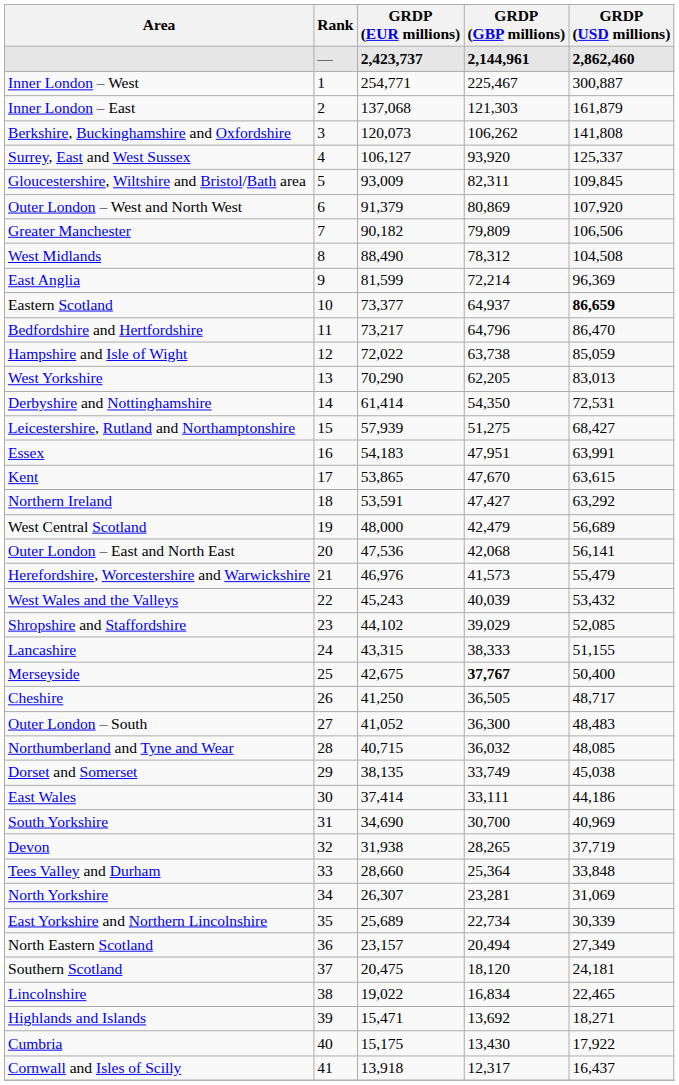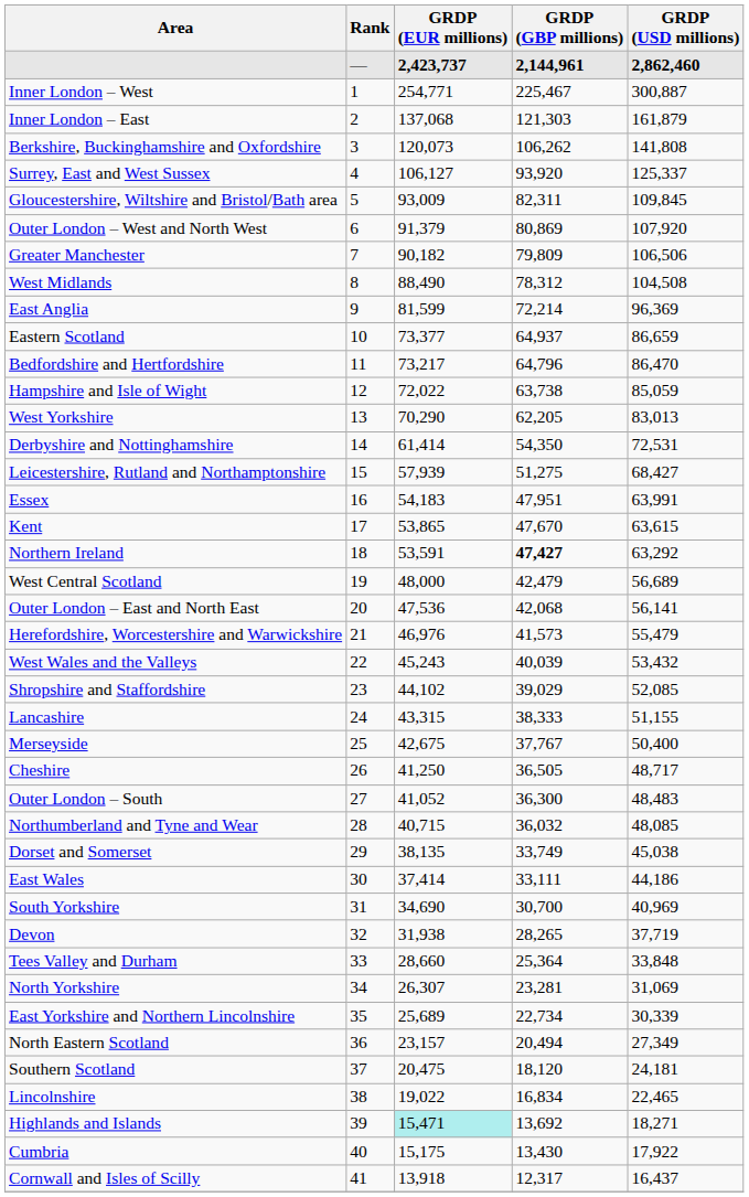 <table class="wikitable sortable col3right col4right col5right">
 <tr align=center valign=middle>
 <th>Area</th>
 <th data-sort-type="number">Rank</th>
 <th data-sort-type="number">GRDP<br>(<a href='#'>EUR</a> millions)</th>
 <th data-sort-type="number">GRDP<br>(<a href='#'>GBP</a> millions)</th>
 <th data-sort-type="number">GRDP<br>(<a href='#'>USD</a> millions)</th>
 </tr>
 <tr style="background:#e6e6e6">
 <td align=left><strong></strong></td>
 <td>—</td>
 <td><strong>2,423,737</strong></td>
 <td><strong>2,144,961</strong></td>
 <td><strong>2,862,460</strong></td>
 </tr>
 <tr>
 <td align=left><a href='#'>Inner London</a> – West</td>
 <td>1</td>
 <td>254,771</td>
 <td>225,467</td>
 <td>300,887</td>
 </tr>
 <tr>
 <td align=left><a href='#'>Inner London</a> – East</td>
 <td>2</td>
 <td>137,068</td>
 <td>121,303</td>
 <td>161,879</td>
 </tr>
 <tr>
 <td align=left><a href='#'>Berkshire</a>, <a href='#'>Buckinghamshire</a> and <a href='#'>Oxfordshire</a></td>
 <td>3</td>
 <td>120,073</td>
 <td>106,262</td>
 <td>141,808</td>
 </tr>
 <tr>
 <td align=left><a href='#'>Surrey</a>, <a href='#'>East</a> and <a href='#'>West Sussex</a></td>
 <td>4</td>
 <td>106,127</td>
 <td>93,920</td>
 <td>125,337</td>
 </tr>
 <tr>
 <td align=left><a href='#'>Gloucestershire</a>, <a href='#'>Wiltshire</a> and <a href='#'>Bristol</a>/<a href='#'>Bath</a> area</td>
 <td>5</td>
 <td>93,009</td>
 <td>82,311</td>
 <td>109,845</td>
 </tr>
 <tr>
 <td align=left><a href='#'>Outer London</a> – West and North West</td>
 <td>6</td>
 <td>91,379</td>
 <td>80,869</td>
 <td>107,920</td>
 </tr>
 <tr>
 <td align=left><a href='#'>Greater Manchester</a></td>
 <td>7</td>
 <td>90,182</td>
 <td>79,809</td>
 <td>106,506</td>
 </tr>
 <tr>
 <td align=left><a href='#'>West Midlands</a></td>
 <td>8</td>
 <td>88,490</td>
 <td>78,312</td>
 <td>104,508</td>
 </tr>
 <tr>
 <td align=left><a href='#'>East Anglia</a></td>
 <td>9</td>
 <td>81,599</td>
 <td>72,214</td>
 <td>96,369</td>
 </tr>
 <tr>
 <td align=left>Eastern <a href='#'>Scotland</a></td>
 <td>10</td>
 <td>73,377</td>
 <td>64,937</td>
-<td><strong>86,659</strong></td>
+<td>86,659</td>
 </tr>
 <tr>
 <td align=left><a href='#'>Bedfordshire</a> and <a href='#'>Hertfordshire</a></td>
 <td>11</td>
 <td>73,217</td>
 <td>64,796</td>
 <td>86,470</td>
 </tr>
 <tr>
 <td align=left><a href='#'>Hampshire</a> and <a href='#'>Isle of Wight</a></td>
 <td>12</td>
 <td>72,022</td>
 <td>63,738</td>
 <td>85,059</td>
 </tr>
 <tr>
 <td align=left><a href='#'>West Yorkshire</a></td>
 <td>13</td>
 <td>70,290</td>
 <td>62,205</td>
 <td>83,013</td>
 </tr>
 <tr>
 <td align=left><a href='#'>Derbyshire</a> and <a href='#'>Nottinghamshire</a></td>
 <td>14</td>
 <td>61,414</td>
 <td>54,350</td>
 <td>72,531</td>
 </tr>
 <tr>
 <td align=left><a href='#'>Leicestershire</a>, <a href='#'>Rutland</a> and <a href='#'>Northamptonshire</a></td>
 <td>15</td>
 <td>57,939</td>
 <td>51,275</td>
 <td>68,427</td>
 </tr>
 <tr>
 <td align=left><a href='#'>Essex</a></td>
 <td>16</td>
 <td>54,183</td>
 <td>47,951</td>
 <td>63,991</td>
 </tr>
 <tr>
 <td align=left><a href='#'>Kent</a></td>
 <td>17</td>
 <td>53,865</td>
 <td>47,670</td>
 <td>63,615</td>
 </tr>
 <tr>
 <td align=left><a href='#'>Northern Ireland</a></td>
 <td>18</td>
 <td>53,591</td>
-<td>47,427</td>
+<td><strong>47,427</strong></td>
 <td>63,292</td>
 </tr>
 <tr>
 <td align=left>West Central <a href='#'>Scotland</a></td>
 <td>19</td>
 <td>48,000</td>
 <td>42,479</td>
 <td>56,689</td>
 </tr>
 <tr>
 <td align=left><a href='#'>Outer London</a> – East and North East</td>
 <td>20</td>
 <td>47,536</td>
 <td>42,068</td>
 <td>56,141</td>
 </tr>
 <tr>
 <td align=left><a href='#'>Herefordshire</a>, <a href='#'>Worcestershire</a> and <a href='#'>Warwickshire</a></td>
 <td>21</td>
 <td>46,976</td>
 <td>41,573</td>
 <td>55,479</td>
 </tr>
 <tr>
 <td align=left><a href='#'>West Wales and the Valleys</a></td>
 <td>22</td>
 <td>45,243</td>
 <td>40,039</td>
 <td>53,432</td>
 </tr>
 <tr>
 <td align=left><a href='#'>Shropshire</a> and <a href='#'>Staffordshire</a></td>
 <td>23</td>
 <td>44,102</td>
 <td>39,029</td>
 <td>52,085</td>
 </tr>
 <tr>
 <td align=left><a href='#'>Lancashire</a></td>
 <td>24</td>
 <td>43,315</td>
 <td>38,333</td>
 <td>51,155</td>
 </tr>
 <tr>
 <td align=left><a href='#'>Merseyside</a></td>
 <td>25</td>
 <td>42,675</td>
-<td><strong>37,767</strong></td>
+<td>37,767</td>
 <td>50,400</td>
 </tr>
 <tr>
 <td align=left><a href='#'>Cheshire</a></td>
 <td>26</td>
 <td>41,250</td>
 <td>36,505</td>
 <td>48,717</td>
 </tr>
 <tr>
 <td align=left><a href='#'>Outer London</a> – South</td>
 <td>27</td>
 <td>41,052</td>
 <td>36,300</td>
 <td>48,483</td>
 </tr>
 <tr>
 <td align=left><a href='#'>Northumberland</a> and <a href='#'>Tyne and Wear</a></td>
 <td>28</td>
 <td>40,715</td>
 <td>36,032</td>
 <td>48,085</td>
 </tr>
 <tr>
 <td align=left><a href='#'>Dorset</a> and <a href='#'>Somerset</a></td>
 <td>29</td>
 <td>38,135</td>
 <td>33,749</td>
 <td>45,038</td>
 </tr>
 <tr>
 <td align=left><a href='#'>East Wales</a></td>
 <td>30</td>
 <td>37,414</td>
 <td>33,111</td>
 <td>44,186</td>
 </tr>
 <tr>
 <td align=left><a href='#'>South Yorkshire</a></td>
 <td>31</td>
 <td>34,690</td>
 <td>30,700</td>
 <td>40,969</td>
 </tr>
 <tr>
 <td align=left><a href='#'>Devon</a></td>
 <td>32</td>
 <td>31,938</td>
 <td>28,265</td>
 <td>37,719</td>
 </tr>
 <tr>
 <td align=left><a href='#'>Tees Valley</a> and <a href='#'>Durham</a></td>
 <td>33</td>
 <td>28,660</td>
 <td>25,364</td>
 <td>33,848</td>
 </tr>
 <tr>
 <td align=left><a href='#'>North Yorkshire</a></td>
 <td>34</td>
 <td>26,307</td>
 <td>23,281</td>
 <td>31,069</td>
 </tr>
 <tr>
 <td align=left><a href='#'>East Yorkshire</a> and <a href='#'>Northern Lincolnshire</a></td>
 <td>35</td>
 <td>25,689</td>
 <td>22,734</td>
 <td>30,339</td>
 </tr>
 <tr>
 <td align=left>North Eastern <a href='#'>Scotland</a></td>
 <td>36</td>
 <td>23,157</td>
 <td>20,494</td>
 <td>27,349</td>
 </tr>
 <tr>
 <td align=left>Southern <a href='#'>Scotland</a></td>
 <td>37</td>
 <td>20,475</td>
 <td>18,120</td>
 <td>24,181</td>
 </tr>
 <tr>
 <td align=left><a href='#'>Lincolnshire</a></td>
 <td>38</td>
 <td>19,022</td>
 <td>16,834</td>
 <td>22,465</td>
 </tr>
 <tr>
 <td align=left><a href='#'>Highlands and Islands</a></td>
 <td>39</td>
-<td>15,471</td>
+<td style="background: paleturquoise;">15,471</td>
 <td>13,692</td>
 <td>18,271</td>
 </tr>
 <tr>
 <td align=left><a href='#'>Cumbria</a></td>
 <td>40</td>
 <td>15,175</td>
 <td>13,430</td>
 <td>17,922</td>
 </tr>
 <tr>
 <td align=left><a href='#'>Cornwall</a> and <a href='#'>Isles of Scilly</a></td>
 <td>41</td>
 <td>13,918</td>
 <td>12,317</td>
 <td>16,437</td>
 </tr>
 <tr>
 </tr>
 </table>
